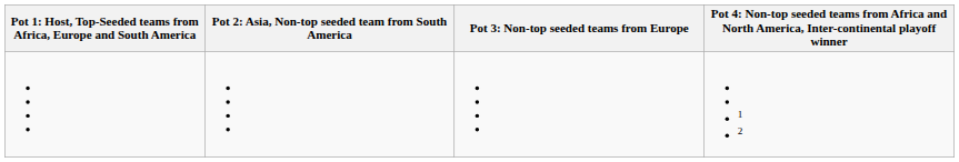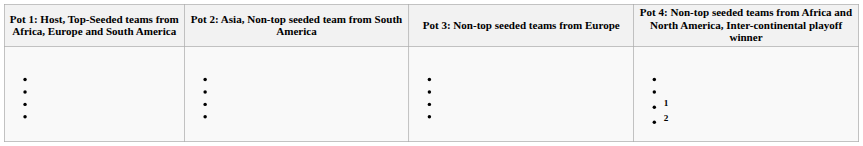 <table class="wikitable" width=98%>
 <tr>
 <th width=20%>Pot 1: Host, Top-Seeded teams from Africa, Europe and South America</th>
 <th width=25%>Pot 2: Asia, Non-top seeded team from South America</th>
 <th width=25%>Pot 3: Non-top seeded teams from Europe</th>
 <th width=25%>Pot 4: Non-top seeded teams from Africa and North America, Inter-continental playoff winner</th>
 </tr>
 <tr>
 <td valign="top"><br><ul><li></li><li></li><li></li><li></li></ul></td>
 <td valign="top"><br><ul><li></li><li></li><li></li><li></li></ul></td>
 <td valign="top"><br><ul><li></li><li></li><li></li><li></li></ul></td>
-<td valign="top"><br><ul><li></li><li></li><li><sup>1</sup></li><li><sup>2</sup></li></ul></td>
+<td valign="top"><strong><br><ul><li></li><li></li><li><sup>1</sup></li><li><sup>2</sup></li></ul></strong></td>
 </tr>
 </table>
